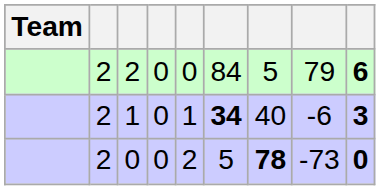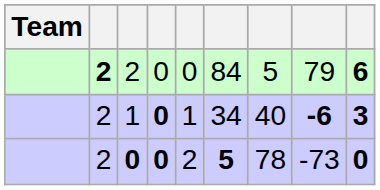 <table class="wikitable" style="text-align: center;">
 <tr>
 <th>Team</th>
 <th></th>
 <th></th>
 <th></th>
 <th></th>
 <th></th>
 <th></th>
 <th></th>
 <th><strong></strong></th>
 </tr>
 <tr bgcolor="ccffcc">
 <td align="left"></td>
-<td>2</td>
+<td><strong>2</strong></td>
 <td>2</td>
 <td>0</td>
 <td>0</td>
 <td>84</td>
 <td>5</td>
 <td>79</td>
 <td><strong>6</strong></td>
 </tr>
 <tr bgcolor="ccccff">
 <td align="left"></td>
 <td>2</td>
 <td>1</td>
-<td>0</td>
+<td><strong>0</strong></td>
 <td>1</td>
-<td><strong>34</strong></td>
+<td>34</td>
 <td>40</td>
-<td>-6</td>
+<td><strong>-6</strong></td>
 <td><strong>3</strong></td>
 </tr>
 <tr bgcolor="ccccff">
 <td align="left"></td>
 <td>2</td>
-<td>0</td>
-<td>0</td>
+<td><strong>0</strong></td>
+<td><strong>0</strong></td>
 <td>2</td>
-<td>5</td>
-<td><strong>78</strong></td>
+<td><strong>5</strong></td>
+<td>78</td>
 <td>-73</td>
 <td><strong>0</strong></td>
 </tr>
 </table>
